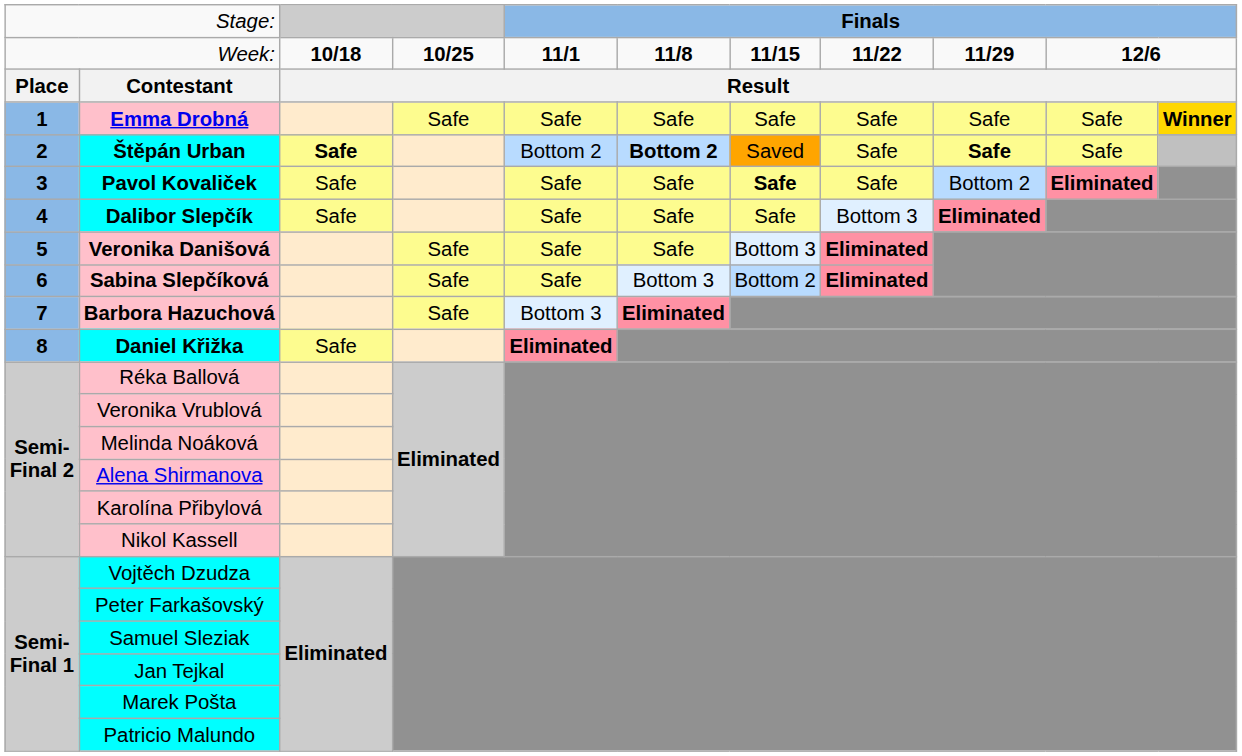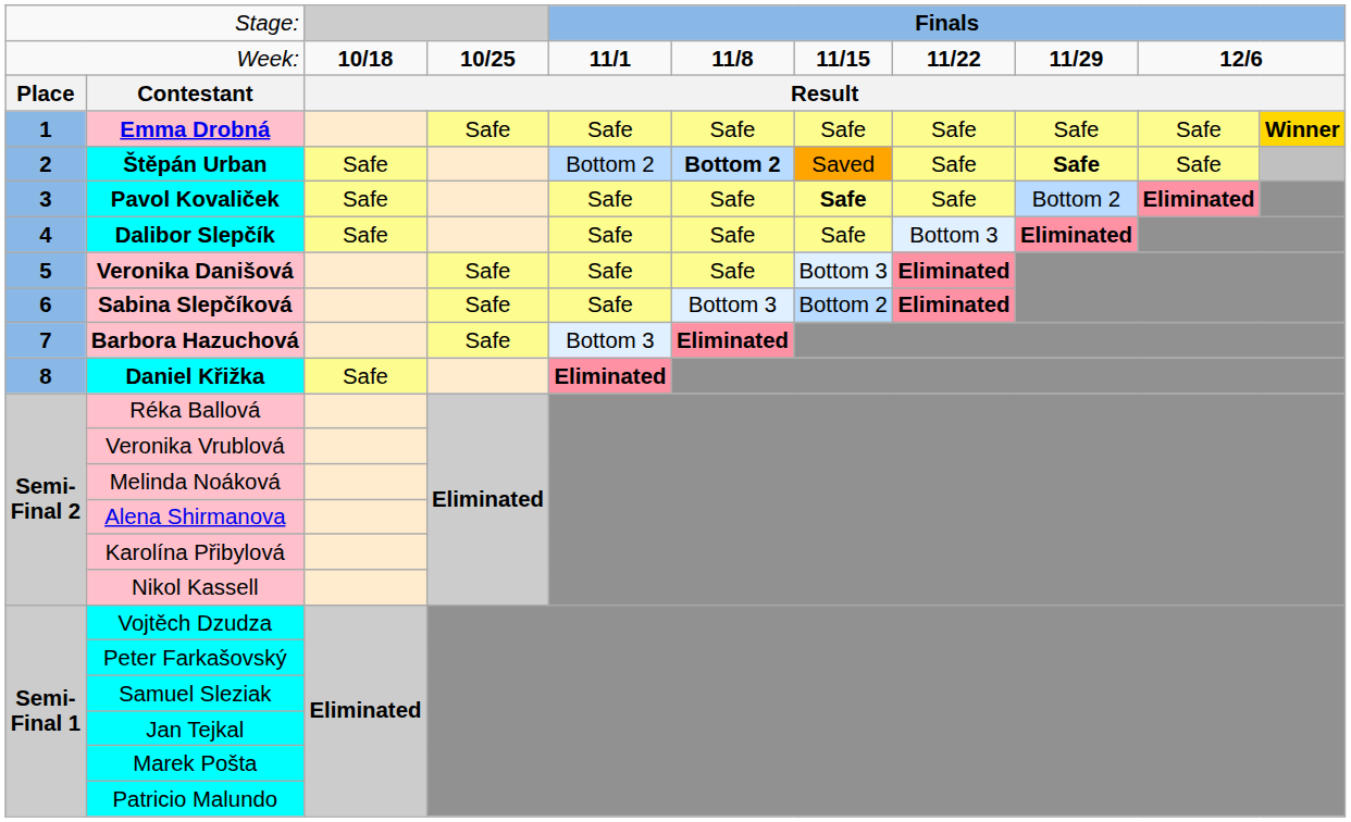 <table class="wikitable" style="margin:1em auto; text-align:center; font-size:89%">
 <tr>
 <td colspan="2" style="text-align:right;"><em>Stage:</em></td>
 <td colspan="2" style="background:#ccc;"></td>
 <td colspan="7" style="background:#8ab8e6;"><strong>Finals</strong></td>
 </tr>
 <tr>
 <td colspan="2" style="text-align:right;"><em>Week:</em></td>
 <td style="text-align:center;"><strong>10/18</strong></td>
 <td style="text-align:center;"><strong>10/25</strong></td>
 <td style="text-align:center;"><strong>11/1</strong></td>
 <td style="text-align:center;"><strong>11/8</strong></td>
 <td style="text-align:center;"><strong>11/15</strong></td>
 <td style="text-align:center;"><strong>11/22</strong></td>
 <td style="text-align:center;"><strong>11/29</strong></td>
 <td colspan="2" style="text-align:center;"><strong>12/6</strong></td>
 </tr>
 <tr>
 <th>Place</th>
 <th>Contestant</th>
 <th colspan="20" style="text-align:center;">Result</th>
 </tr>
 <tr>
 <td style="background:#8ab8e6;"><strong>1</strong></td>
 <td style="background:pink;"><strong><a href='#'>Emma Drobná</a></strong></td>
 <td style="background:#ffebcd;"></td>
 <td style="background:#FDFC8F;">Safe</td>
 <td style="background:#FDFC8F;">Safe</td>
 <td style="background:#FDFC8F;">Safe</td>
 <td style="background:#FDFC8F;">Safe</td>
 <td style="background:#FDFC8F;">Safe</td>
 <td style="background:#FDFC8F;">Safe</td>
 <td style="background:#FDFC8F;">Safe</td>
 <td style="background:gold;"><strong>Winner</strong></td>
 </tr>
 <tr>
 <td style="background:#8ab8e6;"><strong>2</strong></td>
 <td style="background:cyan;"><strong>Štěpán Urban</strong></td>
-<td style="background:#FDFC8F;"><strong>Safe</strong></td>
+<td style="background:#FDFC8F;">Safe</td>
 <td style="background:#ffebcd;"></td>
 <td style="background:#b8dbff;">Bottom 2</td>
 <td style="background:#b8dbff;"><strong>Bottom 2</strong></td>
 <td style="background:orange;">Saved</td>
 <td style="background:#FDFC8F;">Safe</td>
 <td style="background:#FDFC8F;"><strong>Safe</strong></td>
 <td style="background:#FDFC8F;">Safe</td>
 <td style="background:silver;"></td>
 </tr>
 <tr>
 <td style="background:#8ab8e6;"><strong>3</strong></td>
 <td style="background:cyan;"><strong>Pavol Kovaliček</strong></td>
 <td style="background:#FDFC8F;">Safe</td>
 <td style="background:#ffebcd;"></td>
 <td style="background:#FDFC8F;">Safe</td>
 <td style="background:#FDFC8F;">Safe</td>
 <td style="background:#FDFC8F;"><strong>Safe</strong></td>
 <td style="background:#FDFC8F;">Safe</td>
 <td style="background:#b8dbff;">Bottom 2</td>
 <td style="background:#FF91A4;"><strong>Eliminated</strong></td>
 <td colspan="10" style="background:#919191;"></td>
 </tr>
 <tr>
 <td style="background:#8ab8e6;"><strong>4</strong></td>
 <td style="background:cyan;"><strong>Dalibor Slepčík</strong></td>
 <td style="background:#FDFC8F;">Safe</td>
 <td style="background:#ffebcd;"></td>
 <td style="background:#FDFC8F;">Safe</td>
 <td style="background:#FDFC8F;">Safe</td>
 <td style="background:#FDFC8F;">Safe</td>
 <td style="background:#e0f0ff;">Bottom 3</td>
 <td style="background:#FF91A4;"><strong>Eliminated</strong></td>
 <td colspan="10" style="background:#919191;"></td>
 </tr>
 <tr>
 <td style="background:#8ab8e6;"><strong>5</strong></td>
 <td style="background:pink;"><strong>Veronika Danišová</strong></td>
 <td style="background:#ffebcd;"></td>
 <td style="background:#FDFC8F;">Safe</td>
 <td style="background:#FDFC8F;">Safe</td>
 <td style="background:#FDFC8F;">Safe</td>
 <td style="background:#e0f0ff;">Bottom 3</td>
 <td style="background:#FF91A4;"><strong>Eliminated</strong></td>
 <td rowspan=2 colspan="10" style="background:#919191;"></td>
 </tr>
 <tr>
 <td style="background:#8ab8e6;"><strong>6</strong></td>
 <td style="background:pink;"><strong>Sabina Slepčíková</strong></td>
 <td style="background:#ffebcd;"></td>
 <td style="background:#FDFC8F;">Safe</td>
 <td style="background:#FDFC8F;">Safe</td>
 <td style="background:#e0f0ff;">Bottom 3</td>
 <td style="background:#b8dbff;">Bottom 2</td>
 <td style="background:#FF91A4;"><strong>Eliminated</strong></td>
 </tr>
 <tr>
 <td style="background:#8ab8e6;"><strong>7</strong></td>
 <td style="background:pink;"><strong>Barbora Hazuchová</strong></td>
 <td style="background:#ffebcd;"></td>
 <td style="background:#FDFC8F;">Safe</td>
 <td style="background:#e0f0ff;">Bottom 3</td>
 <td style="background:#FF91A4;"><strong>Eliminated</strong></td>
 <td colspan="10" style="background:#919191;"></td>
 </tr>
 <tr>
 <td style="background:#8ab8e6;"><strong>8</strong></td>
 <td style="background:cyan;"><strong>Daniel Křižka</strong></td>
 <td style="background:#FDFC8F;">Safe</td>
 <td style="background:#ffebcd;"></td>
 <td style="background:#FF91A4;"><strong>Eliminated</strong></td>
 <td colspan="10" style="background:#919191;"></td>
 </tr>
 <tr>
 <td style="background:#ccc;" rowspan="6"><strong>Semi-<br>Final 2</strong></td>
 <td style="background:pink;">Réka Ballová</td>
 <td style="background:#ffebcd;"></td>
 <td style="background:#ccc;" rowspan="6"><strong>Eliminated</strong></td>
 <td style="background:#919191;" colspan="14" rowspan="6"></td>
 </tr>
 <tr>
 <td style="background:pink;">Veronika Vrublová</td>
 <td style="background:#ffebcd;"></td>
 </tr>
 <tr>
 <td style="background:pink;">Melinda Noáková</td>
 <td style="background:#ffebcd;"></td>
 </tr>
 <tr>
 <td style="background:pink;"><a href='#'>Alena Shirmanova</a></td>
 <td style="background:#ffebcd;"></td>
 </tr>
 <tr>
 <td style="background:pink;">Karolína Přibylová</td>
 <td style="background:#ffebcd;"></td>
 </tr>
 <tr>
 <td style="background:pink;">Nikol Kassell</td>
 <td style="background:#ffebcd;"></td>
 </tr>
 <tr>
 <td style="background:#ccc;" rowspan="6"><strong>Semi-<br>Final 1</strong></td>
 <td style="background:cyan;">Vojtěch Dzudza</td>
 <td style="background:#ccc;" rowspan="6"><strong>Eliminated</strong></td>
 <td style="background:#919191;" colspan="15" rowspan="6"></td>
 </tr>
 <tr>
 <td style="background:cyan;">Peter Farkašovský</td>
 </tr>
 <tr>
 <td style="background:cyan;">Samuel Sleziak</td>
 </tr>
 <tr>
 <td style="background:cyan;">Jan Tejkal</td>
 </tr>
 <tr>
 <td style="background:cyan;">Marek Pošta</td>
 </tr>
 <tr>
 <td style="background:cyan;">Patricio Malundo</td>
 </tr>
 </table>
